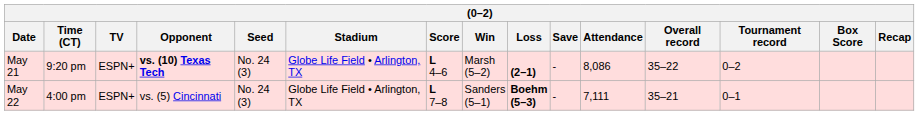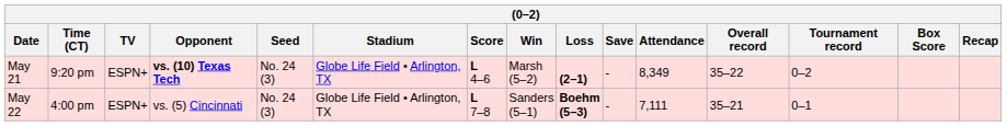 <table class="wikitable collapsible collapsed" style="margin:auto; font-size:95%; width:100%">
 <tr>
 <th colspan=15 style="padding-left:4em;"> (0–2)</th>
 </tr>
 <tr>
 <th>Date</th>
 <th>Time (CT)</th>
 <th>TV</th>
 <th>Opponent</th>
 <th>Seed</th>
 <th>Stadium</th>
 <th>Score</th>
 <th>Win</th>
 <th>Loss</th>
 <th>Save</th>
 <th>Attendance</th>
 <th>Overall record</th>
 <th>Tournament record</th>
 <th>Box Score</th>
 <th>Recap</th>
 </tr>
 <tr bgcolor=ffdddd>
 <td>May 21</td>
 <td>9:20 pm</td>
 <td>ESPN+</td>
 <td><strong>vs. (10) <a href='#'>Texas Tech</a></strong></td>
 <td>No. 24 (3)</td>
 <td><a href='#'>Globe Life Field</a> • <a href='#'>Arlington, TX</a></td>
 <td><strong>L</strong><br>4–6</td>
 <td>Marsh<br>(5–2)</td>
 <td><strong><br>(2–1)</strong></td>
 <td>-</td>
-<td>8,086</td>
+<td>8,349</td>
 <td>35–22</td>
 <td>0–2</td>
 <td></td>
 <td></td>
 </tr>
 <tr bgcolor=ffdddd>
 <td>May 22</td>
 <td>4:00 pm</td>
 <td>ESPN+</td>
 <td>vs. (5) <a href='#'>Cincinnati</a></td>
 <td>No. 24 (3)</td>
 <td>Globe Life Field • Arlington, TX</td>
 <td><strong>L</strong><br>7–8</td>
 <td>Sanders<br>(5–1)</td>
 <td><strong>Boehm<br>(5–3)</strong></td>
 <td>-</td>
 <td>7,111</td>
 <td>35–21</td>
 <td>0–1</td>
 <td></td>
 <td></td>
 </tr>
 </table>
